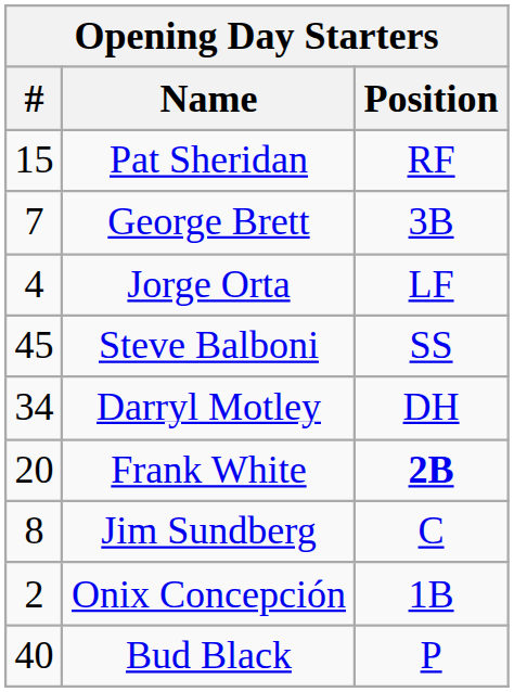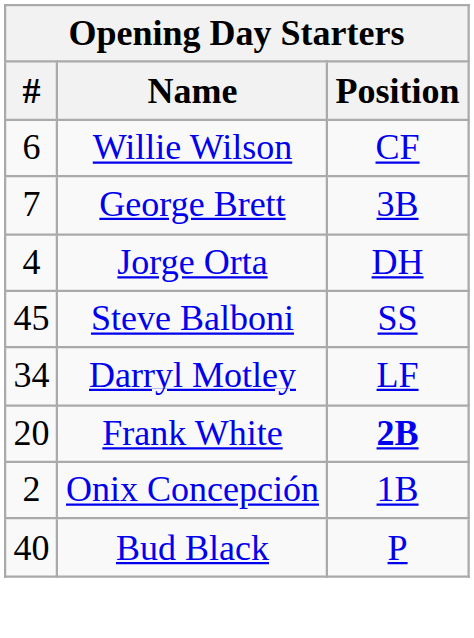 <table class="wikitable" style="text-align:center">
 <tr>
 <th colspan="3">Opening Day Starters</th>
 </tr>
 <tr>
 <th>#</th>
 <th>Name</th>
 <th>Position</th>
 </tr>
 <tr>
-<td>15</td>
-<td><a href='#'>Pat Sheridan</a></td>
-<td><a href='#'>RF</a></td>
+<td>6</td>
+<td><a href='#'>Willie Wilson</a></td>
+<td><a href='#'>CF</a></td>
 </tr>
 <tr>
 <td>7</td>
 <td><a href='#'>George Brett</a></td>
 <td><a href='#'>3B</a></td>
 </tr>
 <tr>
 <td>4</td>
 <td><a href='#'>Jorge Orta</a></td>
-<td><a href='#'>LF</a></td>
+<td><a href='#'>DH</a></td>
 </tr>
 <tr>
 <td>45</td>
 <td><a href='#'>Steve Balboni</a></td>
 <td><a href='#'>SS</a></td>
 </tr>
 <tr>
 <td>34</td>
 <td><a href='#'>Darryl Motley</a></td>
-<td><a href='#'>DH</a></td>
+<td><a href='#'>LF</a></td>
 </tr>
 <tr>
 <td>20</td>
 <td><a href='#'>Frank White</a></td>
 <td><strong><a href='#'>2B</a></strong></td>
-</tr>
-<tr>
-<td>8</td>
-<td><a href='#'>Jim Sundberg</a></td>
-<td><a href='#'>C</a></td>
 </tr>
 <tr>
 <td>2</td>
 <td><a href='#'>Onix Concepción</a></td>
 <td><a href='#'>1B</a></td>
 </tr>
 <tr>
 <td>40</td>
 <td><a href='#'>Bud Black</a></td>
 <td><a href='#'>P</a></td>
 </tr>
 </table>
